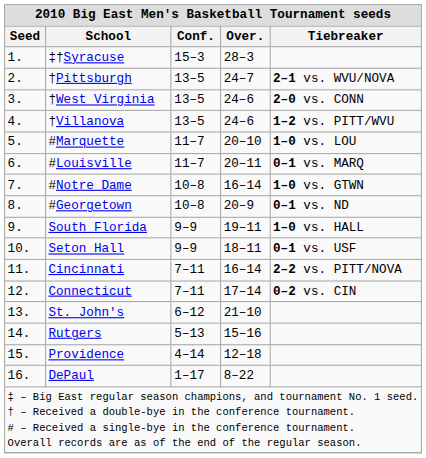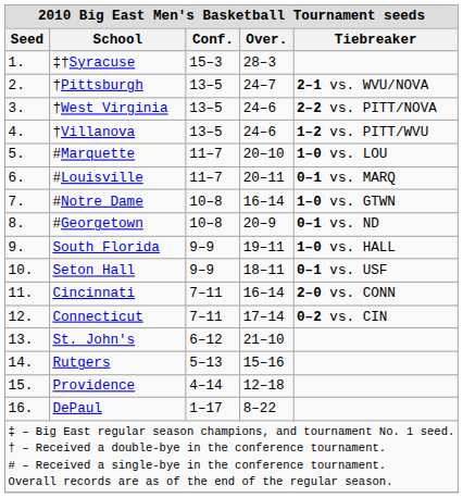 <table class="wikitable" style="white-space:nowrap; font-size:90%;">
 <tr>
 <td colspan="7" style="text-align:center; background:#DDDDDD; font:#000000"><strong>2010 Big East Men's Basketball Tournament seeds</strong></td>
 </tr>
 <tr bgcolor="#efefef">
 <th>Seed</th>
 <th>School</th>
 <th>Conf.</th>
 <th>Over.</th>
 <th>Tiebreaker</th>
 </tr>
 <tr>
 <td>1.</td>
 <td>‡†<a href='#'>Syracuse</a></td>
 <td>15–3</td>
 <td>28–3</td>
 <td></td>
 </tr>
 <tr>
 <td>2.</td>
 <td>†<a href='#'>Pittsburgh</a></td>
 <td>13–5</td>
 <td>24–7</td>
 <td><strong>2–1</strong> vs. WVU/NOVA</td>
 </tr>
 <tr>
 <td>3.</td>
 <td>†<a href='#'>West Virginia</a></td>
 <td>13–5</td>
 <td>24–6</td>
-<td><strong>2–0</strong> vs. CONN</td>
+<td><strong>2–2</strong> vs. PITT/NOVA</td>
 </tr>
 <tr>
 <td>4.</td>
 <td>†<a href='#'>Villanova</a></td>
 <td>13–5</td>
 <td>24–6</td>
 <td><strong>1–2</strong> vs. PITT/WVU</td>
 </tr>
 <tr>
 <td>5.</td>
 <td>#<a href='#'>Marquette</a></td>
 <td>11–7</td>
 <td>20–10</td>
 <td><strong>1–0</strong> vs. LOU</td>
 </tr>
 <tr>
 <td>6.</td>
 <td>#<a href='#'>Louisville</a></td>
 <td>11–7</td>
 <td>20–11</td>
 <td><strong>0–1</strong> vs. MARQ</td>
 </tr>
 <tr>
 <td>7.</td>
 <td>#<a href='#'>Notre Dame</a></td>
 <td>10–8</td>
 <td>16–14</td>
 <td><strong>1–0</strong> vs. GTWN</td>
 </tr>
 <tr>
 <td>8.</td>
 <td>#<a href='#'>Georgetown</a></td>
 <td>10–8</td>
 <td>20–9</td>
 <td><strong>0–1</strong> vs. ND</td>
 </tr>
 <tr>
 <td>9.</td>
 <td><a href='#'>South Florida</a></td>
 <td>9–9</td>
 <td>19–11</td>
 <td><strong>1–0</strong> vs. HALL</td>
 </tr>
 <tr>
 <td>10.</td>
 <td><a href='#'>Seton Hall</a></td>
 <td>9–9</td>
 <td>18–11</td>
 <td><strong>0–1</strong> vs. USF</td>
 </tr>
 <tr>
 <td>11.</td>
 <td><a href='#'>Cincinnati</a></td>
 <td>7–11</td>
 <td>16–14</td>
-<td><strong>2–2</strong> vs. PITT/NOVA</td>
+<td><strong>2–0</strong> vs. CONN</td>
 </tr>
 <tr>
 <td>12.</td>
 <td><a href='#'>Connecticut</a></td>
 <td>7–11</td>
 <td>17–14</td>
 <td><strong>0–2</strong> vs. CIN</td>
 </tr>
 <tr>
 <td>13.</td>
 <td><a href='#'>St. John's</a></td>
 <td>6–12</td>
 <td>21–10</td>
 <td></td>
 </tr>
 <tr>
 <td>14.</td>
 <td><a href='#'>Rutgers</a></td>
 <td>5–13</td>
 <td>15–16</td>
 <td></td>
 </tr>
 <tr>
 <td>15.</td>
 <td><a href='#'>Providence</a></td>
 <td>4–14</td>
 <td>12–18</td>
 <td></td>
 </tr>
 <tr>
 <td>16.</td>
 <td><a href='#'>DePaul</a></td>
 <td>1–17</td>
 <td>8–22</td>
 <td></td>
 </tr>
 <tr>
 <td colspan="6" style="text-align:left;"><small>‡ – Big East regular season champions, and tournament No. 1 seed. <br>† – Received a double-bye in the conference tournament.<br># – Received a single-bye in the conference tournament. <br>Overall records are as of the end of the regular season.</small></td>
 </tr>
 <tr>
 </tr>
 </table>
